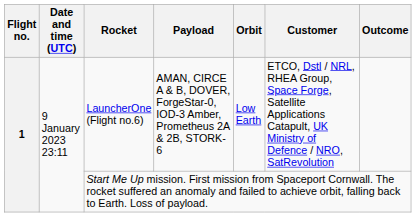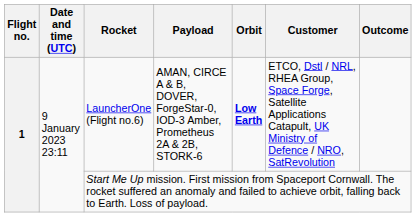 <table class="wikitable">
 <tr>
 <th>Flight no.</th>
 <th>Date and time<br>(<a href='#'>UTC</a>)</th>
 <th>Rocket</th>
 <th>Payload</th>
 <th>Orbit</th>
 <th>Customer</th>
 <th>Outcome</th>
 </tr>
 <tr>
 <th rowspan="2">1</th>
 <td rowspan="2">9 January 2023<br>23:11</td>
 <td><a href='#'>LauncherOne</a><br>(Flight no.6)</td>
 <td>AMAN, CIRCE A & B, DOVER, ForgeStar-0, IOD-3 Amber, Prometheus 2A & 2B, STORK-6</td>
-<td><a href='#'>Low Earth</a></td>
+<td><strong><a href='#'>Low Earth</a></strong></td>
 <td>ETCO, <a href='#'>Dstl</a> / <a href='#'>NRL</a>, RHEA Group, <a href='#'>Space Forge</a>, Satellite Applications Catapult, <a href='#'>UK Ministry of Defence</a> / <a href='#'>NRO</a>, <a href='#'>SatRevolution</a></td>
 <td></td>
 </tr>
 <tr>
 <td colspan="5"><em>Start Me Up</em> mission. First mission from Spaceport Cornwall. The rocket suffered an anomaly and failed to achieve orbit, falling back to Earth. Loss of payload.</td>
 </tr>
 </table>
